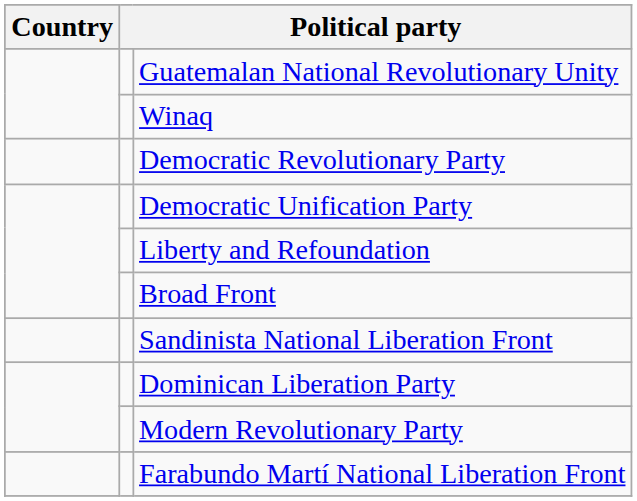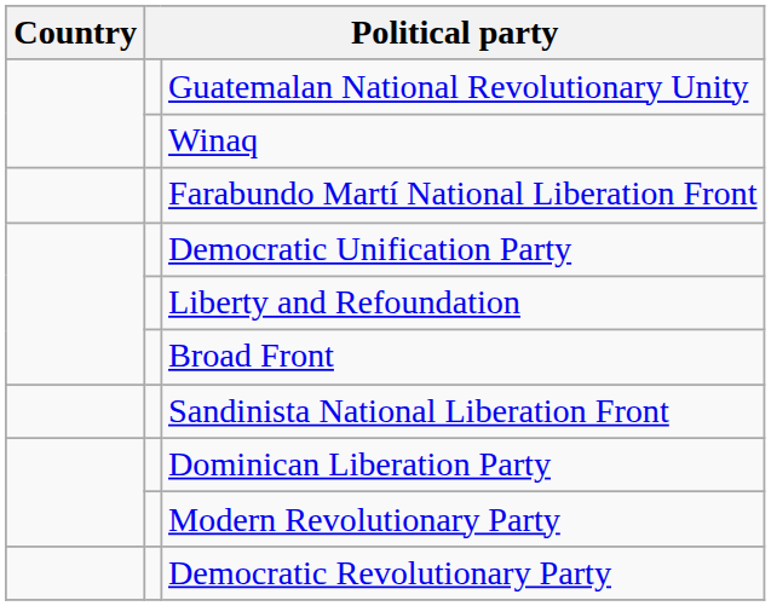 <table class="wikitable sortable">
 <tr>
 <th>Country</th>
 <th colspan="2">Political party</th>
 </tr>
 <tr>
 <td rowspan="2"></td>
 <td style="background:"></td>
 <td><a href='#'>Guatemalan National Revolutionary Unity</a></td>
 </tr>
 <tr>
 <td style="background:"></td>
 <td><a href='#'>Winaq</a></td>
 </tr>
 <tr>
 <td></td>
 <td style="background:"></td>
-<td><a href='#'>Democratic Revolutionary Party</a></td>
+<td><a href='#'>Farabundo Martí National Liberation Front</a></td>
 </tr>
 <tr>
 <td rowspan="3"></td>
 <td style="background:"></td>
 <td><a href='#'>Democratic Unification Party</a></td>
 </tr>
 <tr>
 <td style="background:"></td>
 <td><a href='#'>Liberty and Refoundation</a></td>
 </tr>
 <tr>
 <td style="background:"></td>
 <td><a href='#'>Broad Front</a></td>
 </tr>
 <tr>
 <td></td>
 <td style="background:"></td>
 <td><a href='#'>Sandinista National Liberation Front</a></td>
 </tr>
 <tr>
 <td rowspan="2"></td>
 <td style="background:"></td>
 <td><a href='#'>Dominican Liberation Party</a></td>
 </tr>
 <tr>
 <td style="background:"></td>
 <td><a href='#'>Modern Revolutionary Party</a></td>
 </tr>
 <tr>
 <td></td>
 <td style="background:"></td>
-<td><a href='#'>Farabundo Martí National Liberation Front</a></td>
+<td><a href='#'>Democratic Revolutionary Party</a></td>
 </tr>
 </table>
